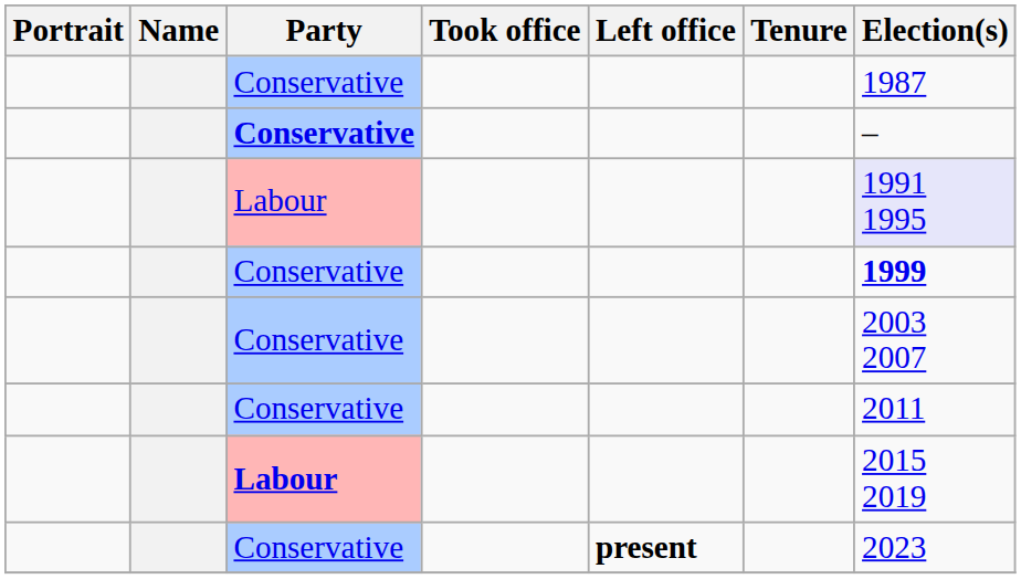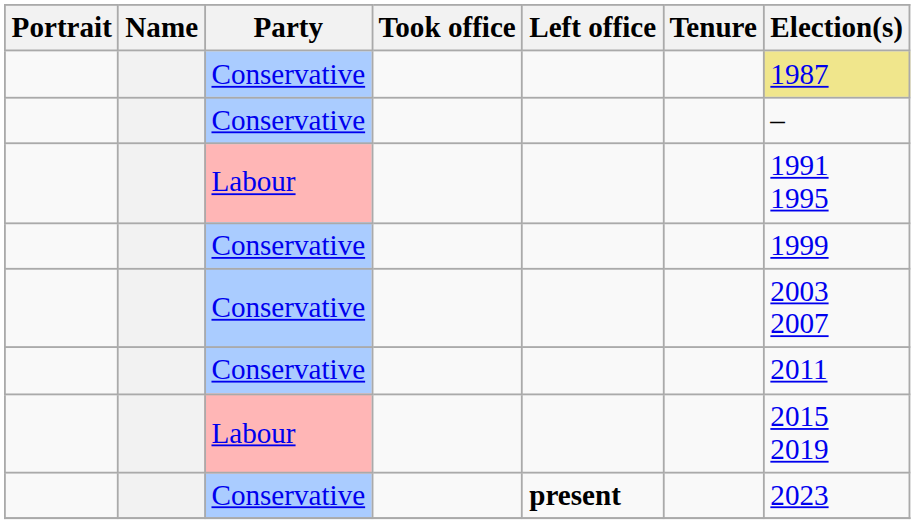 <table class="wikitable plainrowheaders sortable">
 <tr>
 <th scope=col class=unsortable>Portrait</th>
 <th scope=col>Name</th>
 <th scope=col>Party</th>
 <th scope=col>Took office</th>
 <th scope=col>Left office</th>
 <th scope=col>Tenure</th>
 <th scope=col>Election(s)</th>
 </tr>
 <tr>
 <td align=center></td>
 <th scope=row></th>
 <td style="background:#AACCFF"><a href='#'>Conservative</a></td>
 <td></td>
 <td></td>
 <td></td>
-<td><a href='#'>1987</a></td>
+<td style="background: khaki;"><a href='#'>1987</a></td>
 </tr>
 <tr>
 <td align=center></td>
 <th scope=row></th>
-<td style="background:#AACCFF"><strong><a href='#'>Conservative</a></strong></td>
+<td style="background:#AACCFF"><a href='#'>Conservative</a></td>
 <td></td>
 <td></td>
 <td></td>
 <td>–</td>
 </tr>
 <tr>
 <td align=center></td>
 <th scope=row></th>
 <td style="background:#FFB6B6"><a href='#'>Labour</a></td>
 <td></td>
 <td></td>
 <td></td>
-<td style="background: lavender;"><a href='#'>1991</a> <br> <a href='#'>1995</a></td>
+<td><a href='#'>1991</a> <br> <a href='#'>1995</a></td>
 </tr>
 <tr>
 <td align=center></td>
 <th scope=row></th>
 <td style="background:#AACCFF"><a href='#'>Conservative</a></td>
 <td></td>
 <td></td>
 <td></td>
-<td><strong><a href='#'>1999</a></strong></td>
+<td><a href='#'>1999</a></td>
 </tr>
 <tr>
 <td align=center></td>
 <th scope=row></th>
 <td style="background:#AACCFF"><a href='#'>Conservative</a></td>
 <td></td>
 <td></td>
 <td></td>
 <td><a href='#'>2003</a><br><a href='#'>2007</a></td>
 </tr>
 <tr>
 <td align=center></td>
 <th scope=row></th>
 <td style="background:#AACCFF"><a href='#'>Conservative</a></td>
 <td></td>
 <td></td>
 <td></td>
 <td><a href='#'>2011</a></td>
 </tr>
 <tr>
 <td align=center></td>
 <th scope=row></th>
-<td style="background:#FFB6B6"><strong><a href='#'>Labour</a></strong></td>
+<td style="background:#FFB6B6"><a href='#'>Labour</a></td>
 <td></td>
 <td></td>
 <td></td>
 <td><a href='#'>2015</a><br><a href='#'>2019</a></td>
 </tr>
 <tr>
 <td align=center></td>
 <th scope=row></th>
 <td style="background:#AACCFF"><a href='#'>Conservative</a></td>
 <td></td>
 <td><strong>present</strong></td>
 <td></td>
 <td><a href='#'>2023</a></td>
 </tr>
 <tr>
 </tr>
 </table>
